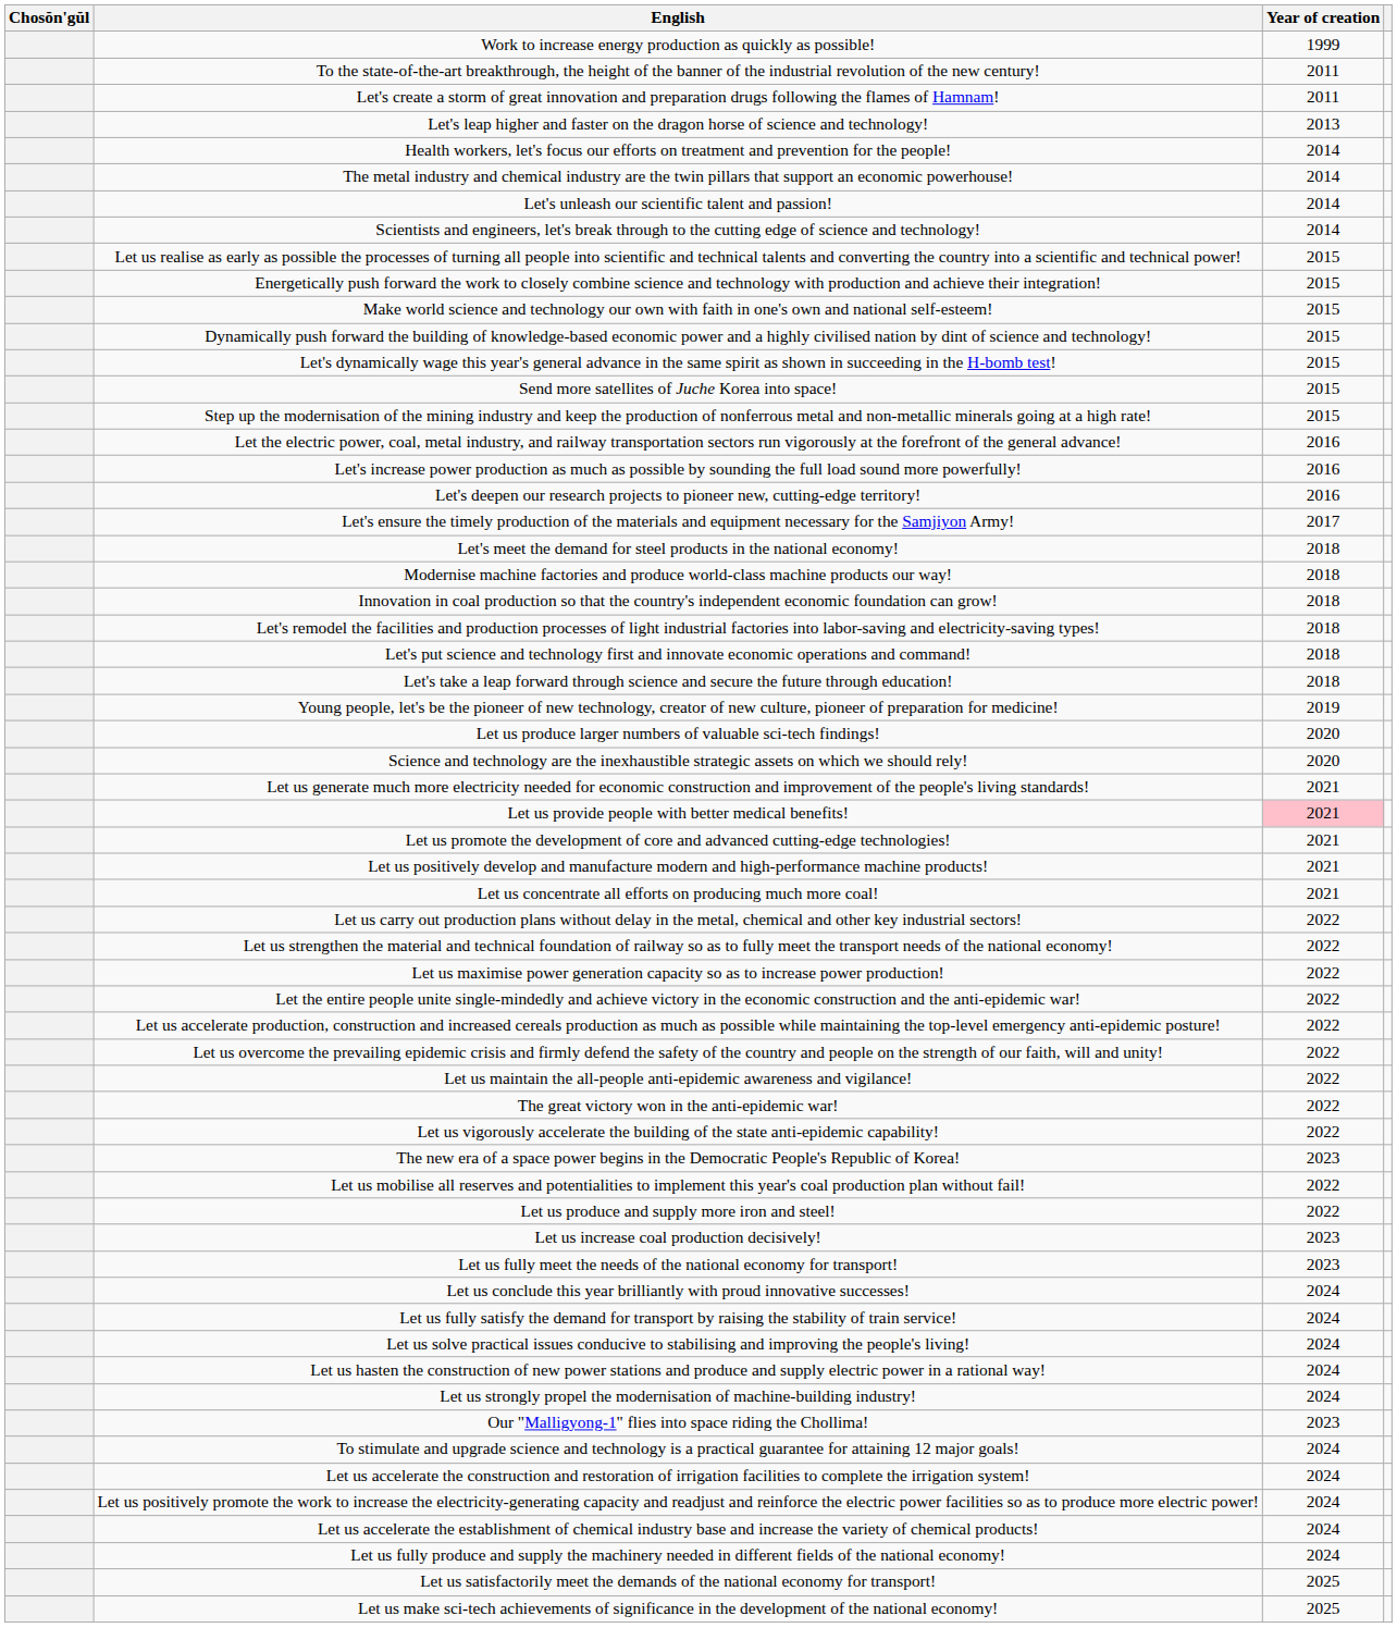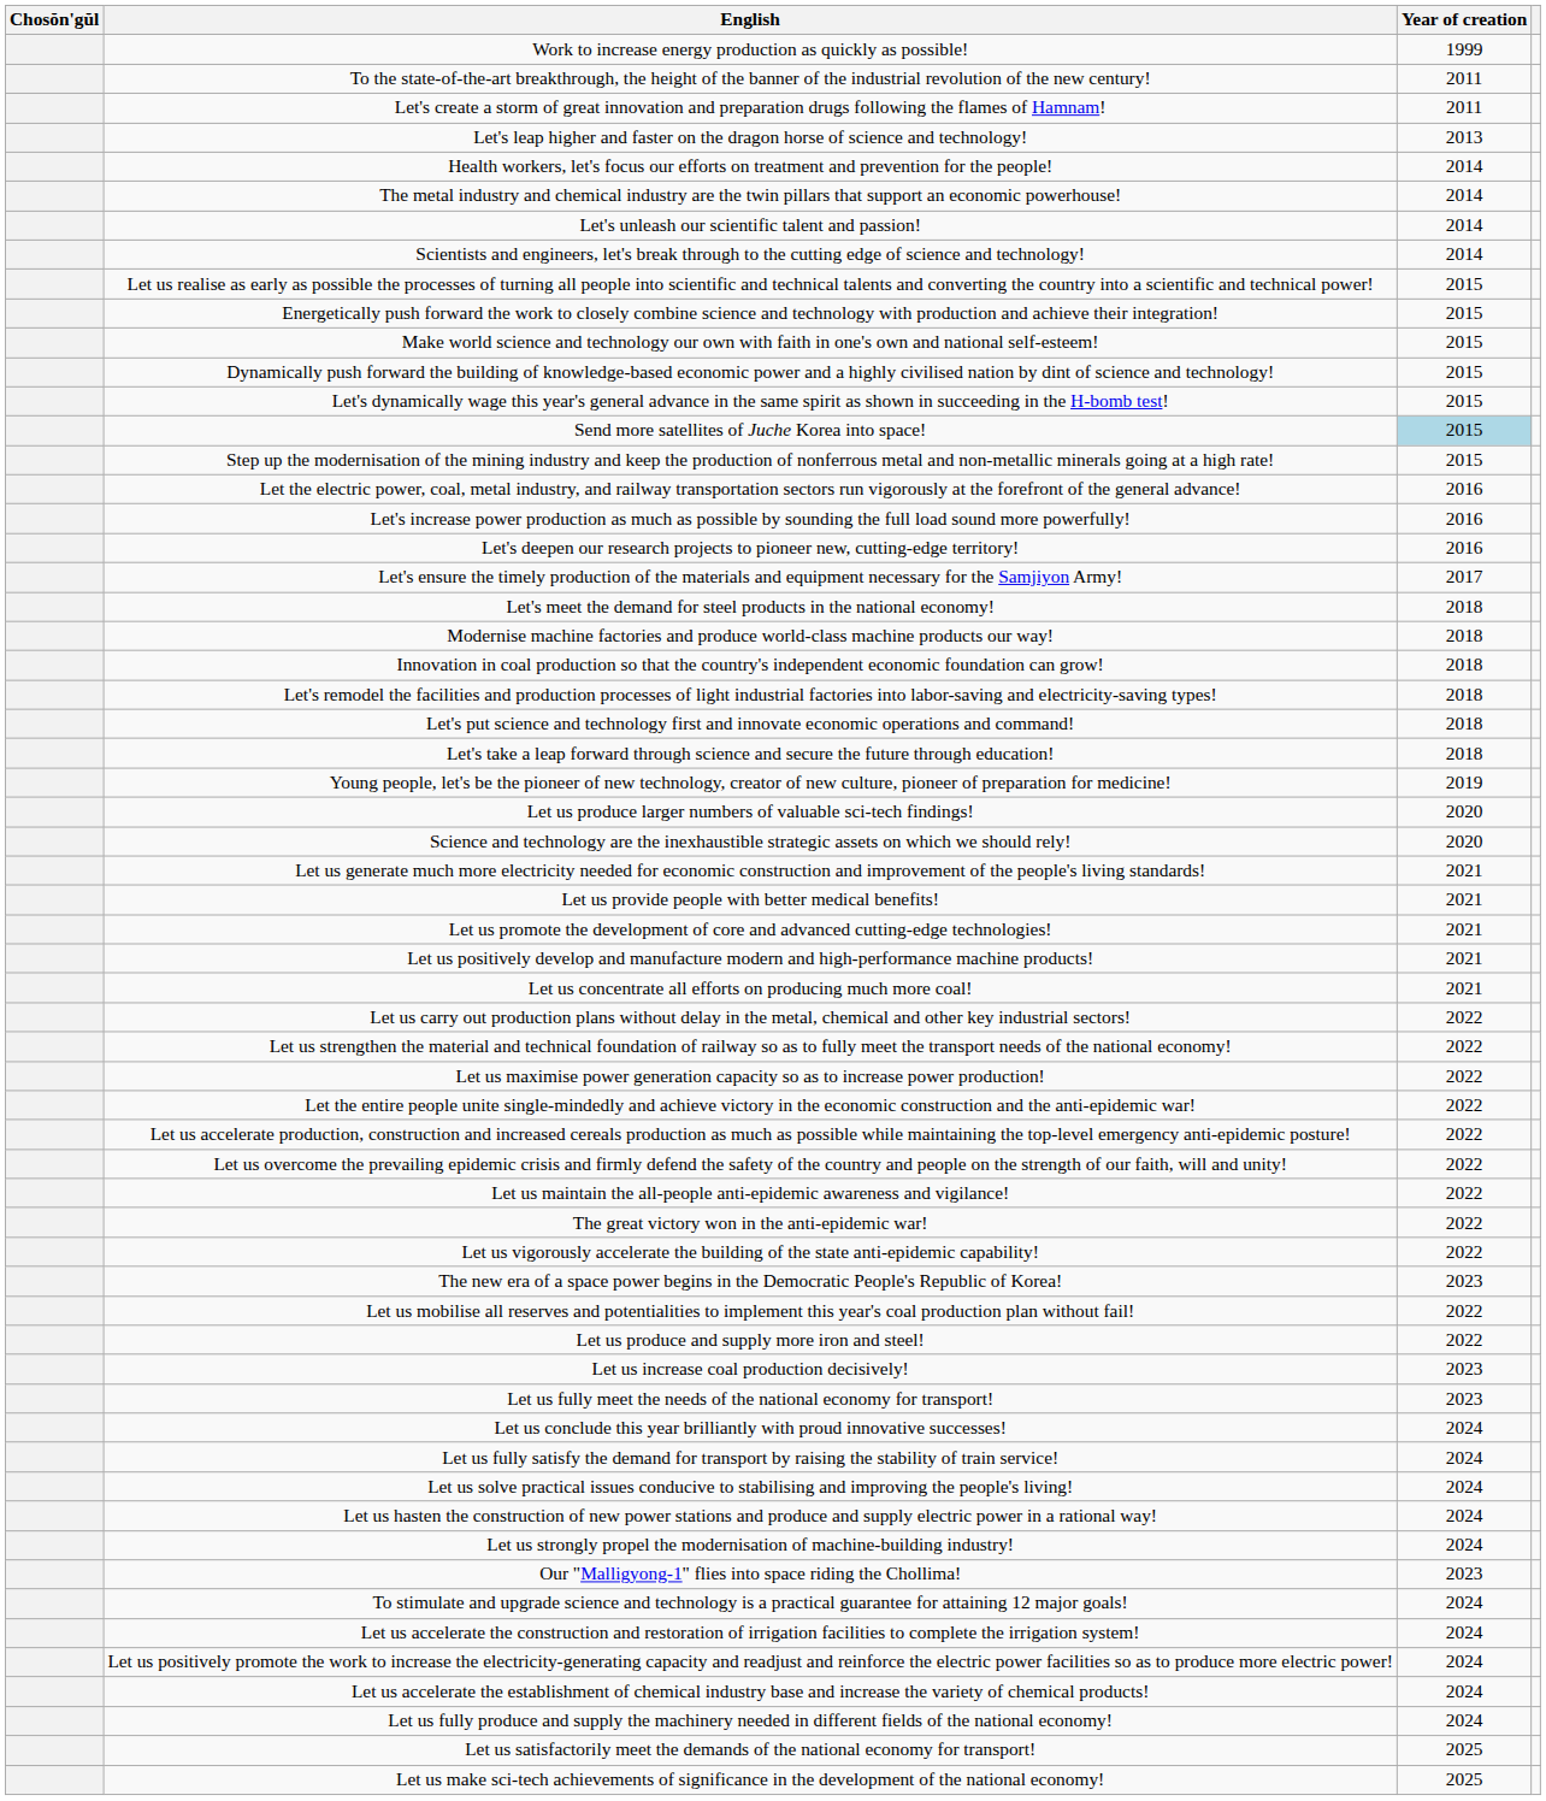 <table class="wikitable sortable" style="text-align: center;">
 <tr>
 <th scope="col">Chosŏn'gŭl</th>
 <th scope="col">English</th>
 <th scope="col">Year of creation</th>
 <th scope="col" class="unsortable"></th>
 </tr>
 <tr>
 <th scope="row"></th>
 <td>Work to increase energy production as quickly as possible!</td>
 <td>1999</td>
 <td></td>
 </tr>
 <tr>
 <th scope="row"></th>
 <td>To the state-of-the-art breakthrough, the height of the banner of the industrial revolution of the new century!</td>
 <td>2011</td>
 <td></td>
 </tr>
 <tr>
 <th scope="row"></th>
 <td>Let's create a storm of great innovation and preparation drugs following the flames of <a href='#'>Hamnam</a>!</td>
 <td>2011</td>
 <td></td>
 </tr>
 <tr>
 <th scope="row"></th>
 <td>Let's leap higher and faster on the dragon horse of science and technology!</td>
 <td>2013</td>
 <td></td>
 </tr>
 <tr>
 <th scope="row"></th>
 <td>Health workers, let's focus our efforts on treatment and prevention for the people!</td>
 <td>2014</td>
 <td></td>
 </tr>
 <tr>
 <th scope="row"></th>
 <td>The metal industry and chemical industry are the twin pillars that support an economic powerhouse!</td>
 <td>2014</td>
 <td></td>
 </tr>
 <tr>
 <th scope="row"></th>
 <td>Let's unleash our scientific talent and passion!</td>
 <td>2014</td>
 <td></td>
 </tr>
 <tr>
 <th scope="row"></th>
 <td>Scientists and engineers, let's break through to the cutting edge of science and technology!</td>
 <td>2014</td>
 <td></td>
 </tr>
 <tr>
 <th scope="row"></th>
 <td>Let us realise as early as possible the processes of turning all people into scientific and technical talents and converting the country into a scientific and technical power!</td>
 <td>2015</td>
 <td></td>
 </tr>
 <tr>
 <th scope="row"></th>
 <td>Energetically push forward the work to closely combine science and technology with production and achieve their integration!</td>
 <td>2015</td>
 <td></td>
 </tr>
 <tr>
 <th scope="row"></th>
 <td>Make world science and technology our own with faith in one's own and national self-esteem!</td>
 <td>2015</td>
 <td></td>
 </tr>
 <tr>
 <th scope="row"></th>
 <td>Dynamically push forward the building of knowledge-based economic power and a highly civilised nation by dint of science and technology!</td>
 <td>2015</td>
 <td></td>
 </tr>
 <tr>
 <th scope="row"></th>
 <td>Let's dynamically wage this year's general advance in the same spirit as shown in succeeding in the <a href='#'>H-bomb test</a>!</td>
 <td>2015</td>
 <td></td>
 </tr>
 <tr>
 <th scope="row"></th>
 <td>Send more satellites of <em>Juche</em> Korea into space!</td>
-<td>2015</td>
+<td style="background: lightblue;">2015</td>
 <td></td>
 </tr>
 <tr>
 <th scope="row"></th>
 <td>Step up the modernisation of the mining industry and keep the production of nonferrous metal and non-metallic minerals going at a high rate!</td>
 <td>2015</td>
 <td></td>
 </tr>
 <tr>
 <th scope="row"></th>
 <td>Let the electric power, coal, metal industry, and railway transportation sectors run vigorously at the forefront of the general advance!</td>
 <td>2016</td>
 <td></td>
 </tr>
 <tr>
 <th scope="row"></th>
 <td>Let's increase power production as much as possible by sounding the full load sound more powerfully!</td>
 <td>2016</td>
 <td></td>
 </tr>
 <tr>
 <th scope="row"></th>
 <td>Let's deepen our research projects to pioneer new, cutting-edge territory!</td>
 <td>2016</td>
 <td></td>
 </tr>
 <tr>
 <th scope="row"></th>
 <td>Let's ensure the timely production of the materials and equipment necessary for the <a href='#'>Samjiyon</a> Army!</td>
 <td>2017</td>
 <td></td>
 </tr>
 <tr>
 <th scope="row"></th>
 <td>Let's meet the demand for steel products in the national economy!</td>
 <td>2018</td>
 <td></td>
 </tr>
 <tr>
 <th scope="row"></th>
 <td>Modernise machine factories and produce world-class machine products our way!</td>
 <td>2018</td>
 <td></td>
 </tr>
 <tr>
 <th scope="row"></th>
 <td>Innovation in coal production so that the country's independent economic foundation can grow!</td>
 <td>2018</td>
 <td></td>
 </tr>
 <tr>
 <th scope="row"></th>
 <td>Let's remodel the facilities and production processes of light industrial factories into labor-saving and electricity-saving types!</td>
 <td>2018</td>
 <td></td>
 </tr>
 <tr>
 <th scope="row"></th>
 <td>Let's put science and technology first and innovate economic operations and command!</td>
 <td>2018</td>
 <td></td>
 </tr>
 <tr>
 <th scope="row"></th>
 <td>Let's take a leap forward through science and secure the future through education!</td>
 <td>2018</td>
 <td></td>
 </tr>
 <tr>
 <th scope="row"></th>
 <td>Young people, let's be the pioneer of new technology, creator of new culture, pioneer of preparation for medicine!</td>
 <td>2019</td>
 <td></td>
 </tr>
 <tr>
 <th scope="row"></th>
 <td>Let us produce larger numbers of valuable sci-tech findings!</td>
 <td>2020</td>
 <td></td>
 </tr>
 <tr>
 <th scope="row"></th>
 <td>Science and technology are the inexhaustible strategic assets on which we should rely!</td>
 <td>2020</td>
 <td></td>
 </tr>
 <tr>
 <th scope="row"></th>
 <td>Let us generate much more electricity needed for economic construction and improvement of the people's living standards!</td>
 <td>2021</td>
 <td></td>
 </tr>
 <tr>
 <th scope="row"></th>
 <td>Let us provide people with better medical benefits!</td>
-<td style="background: pink;">2021</td>
+<td>2021</td>
 <td></td>
 </tr>
 <tr>
 <th scope="row"></th>
 <td>Let us promote the development of core and advanced cutting-edge technologies!</td>
 <td>2021</td>
 <td></td>
 </tr>
 <tr>
 <th scope="row"></th>
 <td>Let us positively develop and manufacture modern and high-performance machine products!</td>
 <td>2021</td>
 <td></td>
 </tr>
 <tr>
 <th scope="row"></th>
 <td>Let us concentrate all efforts on producing much more coal!</td>
 <td>2021</td>
 <td></td>
 </tr>
 <tr>
 <th scope="row"></th>
 <td>Let us carry out production plans without delay in the metal, chemical and other key industrial sectors!</td>
 <td>2022</td>
 <td></td>
 </tr>
 <tr>
 <th scope="row"></th>
 <td>Let us strengthen the material and technical foundation of railway so as to fully meet the transport needs of the national economy!</td>
 <td>2022</td>
 <td></td>
 </tr>
 <tr>
 <th scope="row"></th>
 <td>Let us maximise power generation capacity so as to increase power production!</td>
 <td>2022</td>
 <td></td>
 </tr>
 <tr>
 <th scope="row"></th>
 <td>Let the entire people unite single-mindedly and achieve victory in the economic construction and the anti-epidemic war!</td>
 <td>2022</td>
 <td></td>
 </tr>
 <tr>
 <th scope="row"></th>
 <td>Let us accelerate production, construction and increased cereals production as much as possible while maintaining the top-level emergency anti-epidemic posture!</td>
 <td>2022</td>
 <td></td>
 </tr>
 <tr>
 <th scope="row"></th>
 <td>Let us overcome the prevailing epidemic crisis and firmly defend the safety of the country and people on the strength of our faith, will and unity!</td>
 <td>2022</td>
 <td></td>
 </tr>
 <tr>
 <th scope="row"></th>
 <td>Let us maintain the all-people anti-epidemic awareness and vigilance!</td>
 <td>2022</td>
 <td></td>
 </tr>
 <tr>
 <th scope="row"></th>
 <td>The great victory won in the anti-epidemic war!</td>
 <td>2022</td>
 <td></td>
 </tr>
 <tr>
 <th scope="row"></th>
 <td>Let us vigorously accelerate the building of the state anti-epidemic capability!</td>
 <td>2022</td>
 <td></td>
 </tr>
 <tr>
 <th scope="row"></th>
 <td>The new era of a space power begins in the Democratic People's Republic of Korea!</td>
 <td>2023</td>
 <td></td>
 </tr>
 <tr>
 <th scope="row"></th>
 <td>Let us mobilise all reserves and potentialities to implement this year's coal production plan without fail!</td>
 <td>2022</td>
 <td></td>
 </tr>
 <tr>
 <th scope="row"></th>
 <td>Let us produce and supply more iron and steel!</td>
 <td>2022</td>
 <td></td>
 </tr>
 <tr>
 <th scope="row"></th>
 <td>Let us increase coal production decisively!</td>
 <td>2023</td>
 <td></td>
 </tr>
 <tr>
 <th scope="row"></th>
 <td>Let us fully meet the needs of the national economy for transport!</td>
 <td>2023</td>
 <td></td>
 </tr>
 <tr>
 <th scope="row"></th>
 <td>Let us conclude this year brilliantly with proud innovative successes!</td>
 <td>2024</td>
 <td></td>
 </tr>
 <tr>
 <th scope="row"></th>
 <td>Let us fully satisfy the demand for transport by raising the stability of train service!</td>
 <td>2024</td>
 <td></td>
 </tr>
 <tr>
 <th scope="row"></th>
 <td>Let us solve practical issues conducive to stabilising and improving the people's living!</td>
 <td>2024</td>
 <td></td>
 </tr>
 <tr>
 <th scope="row"></th>
 <td>Let us hasten the construction of new power stations and produce and supply electric power in a rational way!</td>
 <td>2024</td>
 <td></td>
 </tr>
 <tr>
 <th scope="row"></th>
 <td>Let us strongly propel the modernisation of machine-building industry!</td>
 <td>2024</td>
 <td></td>
 </tr>
 <tr>
 <th scope="row"></th>
 <td>Our "<a href='#'>Malligyong-1</a>" flies into space riding the Chollima!</td>
 <td>2023</td>
 <td></td>
 </tr>
 <tr>
 <th scope="row"></th>
 <td>To stimulate and upgrade science and technology is a practical guarantee for attaining 12 major goals!</td>
 <td>2024</td>
 <td></td>
 </tr>
 <tr>
 <th scope="row"></th>
 <td>Let us accelerate the construction and restoration of irrigation facilities to complete the irrigation system!</td>
 <td>2024</td>
 <td></td>
 </tr>
 <tr>
 <th scope="row"></th>
 <td>Let us positively promote the work to increase the electricity-generating capacity and readjust and reinforce the electric power facilities so as to produce more electric power!</td>
 <td>2024</td>
 <td></td>
 </tr>
 <tr>
 <th scope="row"></th>
 <td>Let us accelerate the establishment of chemical industry base and increase the variety of chemical products!</td>
 <td>2024</td>
 <td></td>
 </tr>
 <tr>
 <th scope="row"></th>
 <td>Let us fully produce and supply the machinery needed in different fields of the national economy!</td>
 <td>2024</td>
 <td></td>
 </tr>
 <tr>
 <th scope="row"></th>
 <td>Let us satisfactorily meet the demands of the national economy for transport!</td>
 <td>2025</td>
 <td></td>
 </tr>
 <tr>
 <th scope="row"></th>
 <td>Let us make sci-tech achievements of significance in the development of the national economy!</td>
 <td>2025</td>
 <td></td>
 </tr>
 </table>
